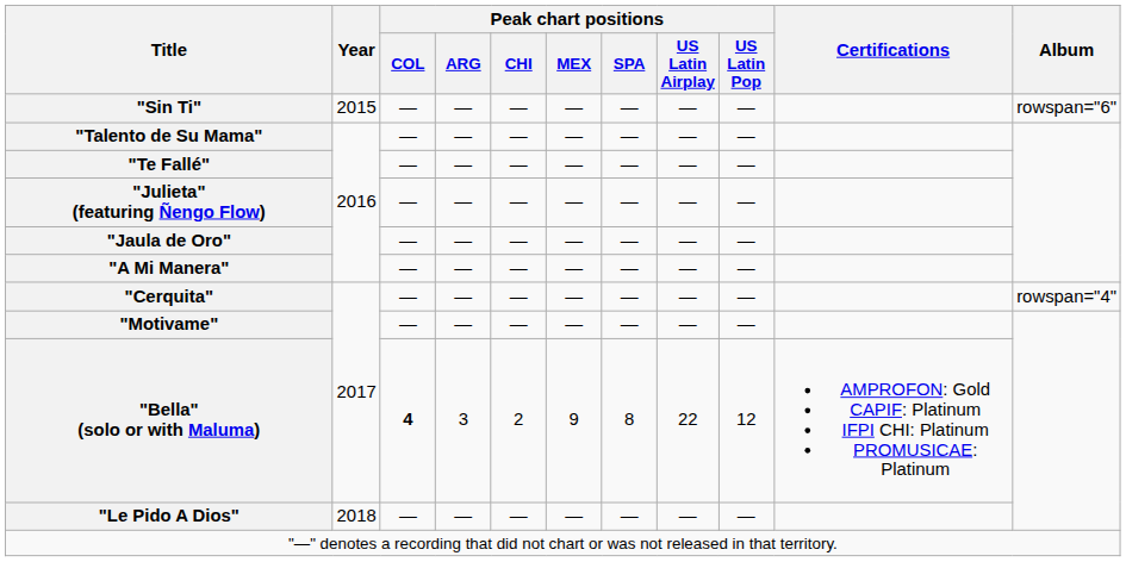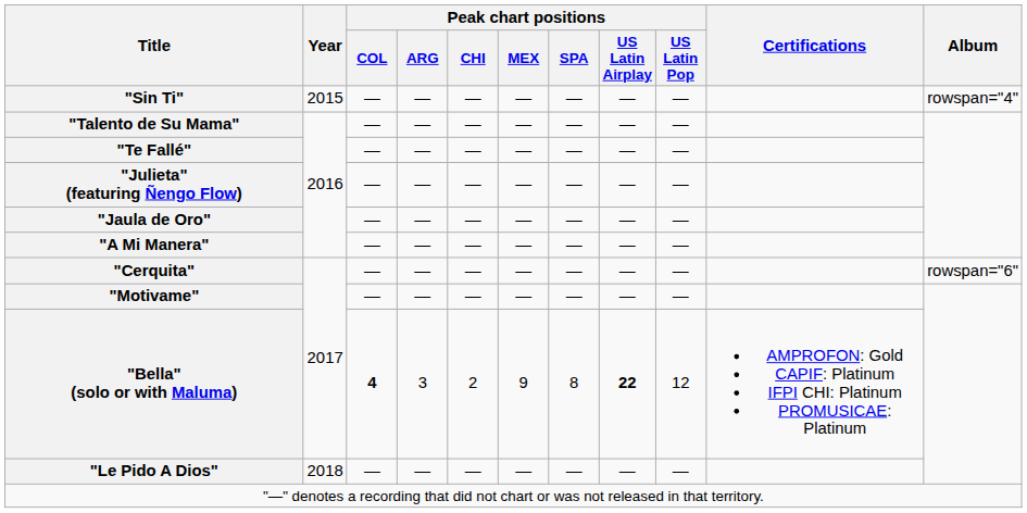 <table class="wikitable plainrowheaders" style="text-align:center;">
 <tr>
 <th scope="col" rowspan="2" style="width:18em;">Title</th>
 <th scope="col" rowspan="2" style="width:1em;">Year</th>
 <th scope="col" colspan="7">Peak chart positions</th>
 <th scope="col" rowspan="2" style="width:13em;"><a href='#'>Certifications</a></th>
 <th scope="col" rowspan="2">Album</th>
 </tr>
 <tr>
 <th scope="col" style="width:3em;font-size:90%;"><a href='#'>COL</a><br></th>
 <th scope="col" style="width:3em;font-size:90%;"><a href='#'>ARG</a><br></th>
 <th scope="col" style="width:3em;font-size:90%;"><a href='#'>CHI</a><br></th>
 <th scope="col" style="width:3em;font-size:90%;"><a href='#'>MEX</a><br></th>
 <th scope="col" style="width:3em;font-size:90%;"><a href='#'>SPA</a><br></th>
 <th scope="col" style="width:3em;font-size:90%;"><a href='#'>US<br>Latin<br>Airplay</a><br></th>
 <th scope="col" style="width:3em;font-size:90%;"><a href='#'>US<br>Latin<br>Pop</a><br></th>
 </tr>
 <tr>
 <th scope="row">"Sin Ti"</th>
 <td>2015</td>
 <td>—</td>
 <td>—</td>
 <td>—</td>
 <td>—</td>
 <td>—</td>
 <td>—</td>
 <td>—</td>
 <td></td>
-<td>rowspan="6" </td>
+<td>rowspan="4" </td>
 </tr>
 <tr>
 <th scope="row">"Talento de Su Mama"</th>
 <td rowspan="5">2016</td>
 <td>—</td>
 <td>—</td>
 <td>—</td>
 <td>—</td>
 <td>—</td>
 <td>—</td>
 <td>—</td>
 <td></td>
 </tr>
 <tr>
 <th scope="row">"Te Fallé"</th>
 <td>—</td>
 <td>—</td>
 <td>—</td>
 <td>—</td>
 <td>—</td>
 <td>—</td>
 <td>—</td>
 <td></td>
 </tr>
 <tr>
 <th scope="row">"Julieta"<br><span>(featuring <a href='#'>Ñengo Flow</a>)</span></th>
 <td>—</td>
 <td>—</td>
 <td>—</td>
 <td>—</td>
 <td>—</td>
 <td>—</td>
 <td>—</td>
 <td></td>
 </tr>
 <tr>
 <th scope="row">"Jaula de Oro"</th>
 <td>—</td>
 <td>—</td>
 <td>—</td>
 <td>—</td>
 <td>—</td>
 <td>—</td>
 <td>—</td>
 <td></td>
 </tr>
 <tr>
 <th scope="row">"A Mi Manera"</th>
 <td>—</td>
 <td>—</td>
 <td>—</td>
 <td>—</td>
 <td>—</td>
 <td>—</td>
 <td>—</td>
 <td></td>
 </tr>
 <tr>
 <th scope="row">"Cerquita"</th>
 <td rowspan="3">2017</td>
 <td>—</td>
 <td>—</td>
 <td>—</td>
 <td>—</td>
 <td>—</td>
 <td>—</td>
 <td>—</td>
 <td></td>
-<td>rowspan="4" </td>
+<td>rowspan="6" </td>
 </tr>
 <tr>
 <th scope="row">"Motivame"</th>
 <td>—</td>
 <td>—</td>
 <td>—</td>
 <td>—</td>
 <td>—</td>
 <td>—</td>
 <td>—</td>
 <td></td>
 </tr>
 <tr>
 <th scope="row">"Bella"<br><span>(solo or with <a href='#'>Maluma</a>)</span></th>
 <td><strong>4</strong></td>
 <td>3</td>
 <td>2</td>
 <td>9</td>
 <td>8<br></td>
-<td>22</td>
+<td><strong>22</strong></td>
 <td>12</td>
 <td><br><ul><li><a href='#'>AMPROFON</a>: Gold</li><li><a href='#'>CAPIF</a>: Platinum</li><li><a href='#'>IFPI</a> CHI: Platinum</li><li><a href='#'>PROMUSICAE</a>: Platinum</li></ul></td>
 </tr>
 <tr>
 <th scope="row">"Le Pido A Dios"</th>
 <td>2018</td>
 <td>—</td>
 <td>—</td>
 <td>—</td>
 <td>—</td>
 <td>—</td>
 <td>—</td>
 <td>—</td>
 <td></td>
 </tr>
 <tr>
 <td colspan="14" style="font-size:90%">"—" denotes a recording that did not chart or was not released in that territory.</td>
 </tr>
 </table>
